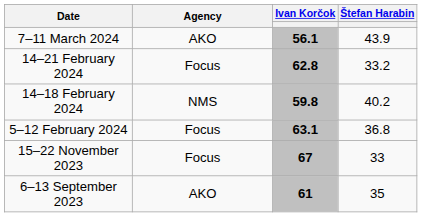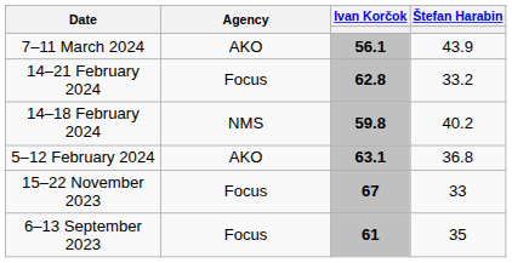 <table class="wikitable" style="text-align:center;">
 <tr style="font-size:80%;">
 <th style="width:150px;" rowspan="2">Date</th>
 <th style="width:165px;" rowspan="2">Agency</th>
 <th><a href='#'>Ivan Korčok</a></th>
 <th><a href='#'>Štefan Harabin</a></th>
 </tr>
 <tr>
 <th style="background:"></th>
 <th style="background:"></th>
 </tr>
 <tr>
 <td>7–11 March 2024</td>
 <td>AKO</td>
 <td style="background:#C0C0C0;"><strong>56.1</strong></td>
 <td>43.9</td>
 </tr>
 <tr>
 <td>14–21 February 2024</td>
 <td>Focus</td>
 <td style="background:#C0C0C0;"><strong>62.8</strong></td>
 <td>33.2</td>
 </tr>
 <tr>
 <td>14–18 February 2024</td>
 <td>NMS</td>
 <td style="background:#C0C0C0;"><strong>59.8</strong></td>
 <td>40.2</td>
 </tr>
 <tr>
 <td>5–12 February 2024</td>
-<td>Focus</td>
+<td>AKO</td>
 <td style="background:#C0C0C0;"><strong>63.1</strong></td>
 <td>36.8</td>
 </tr>
 <tr>
 <td>15–22 November 2023</td>
 <td>Focus</td>
 <td style="background:#C0C0C0;"><strong>67</strong></td>
 <td>33</td>
 </tr>
 <tr>
 <td>6–13 September 2023</td>
-<td>AKO</td>
+<td>Focus</td>
 <td style="background:#C0C0C0;"><strong>61</strong></td>
 <td>35</td>
 </tr>
 </table>
